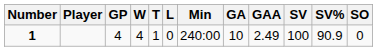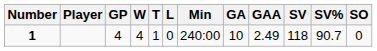 <table class="wikitable sortable" style="margin: 1em 1em 1em 0; background: #f9f9f9; border-collapse: collapse; text-align: center; border: 1px solid; padding: 4px; border-spacing=0;">
 <tr>
 <th>Number</th>
 <th>Player</th>
 <th>GP</th>
 <th>W</th>
 <th>T</th>
 <th>L</th>
 <th>Min</th>
 <th>GA</th>
 <th>GAA</th>
 <th>SV</th>
 <th>SV%</th>
 <th>SO</th>
 </tr>
 <tr>
 <td><strong>1</strong></td>
 <td align=left></td>
 <td>4</td>
 <td>4</td>
 <td>1</td>
 <td>0</td>
 <td>240:00</td>
 <td>10</td>
 <td>2.49</td>
-<td>100</td>
-<td>90.9</td>
+<td>118</td>
+<td>90.7</td>
 <td>0</td>
 </tr>
 </table>
